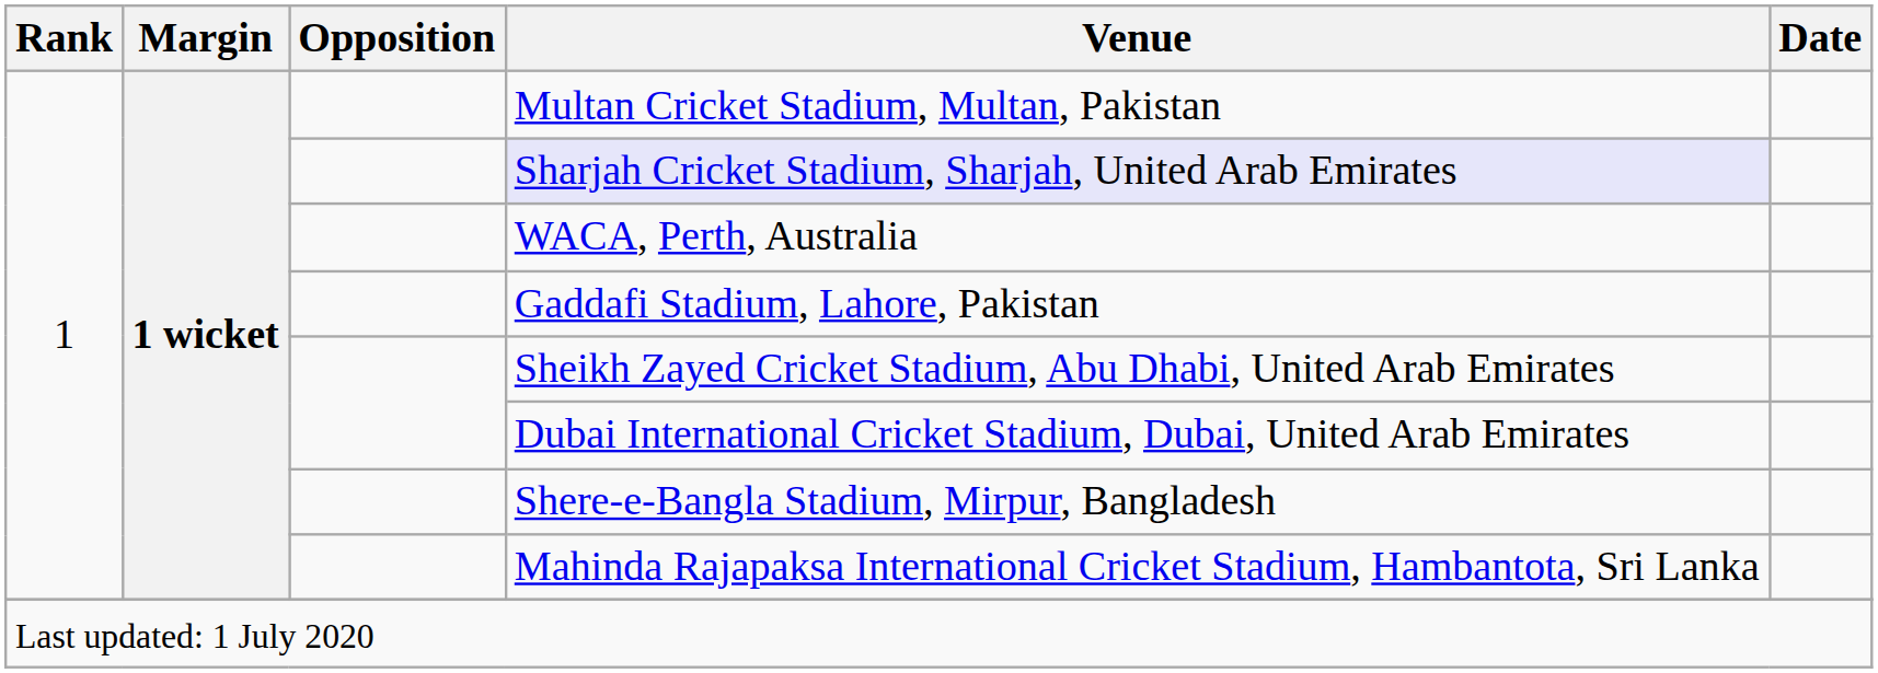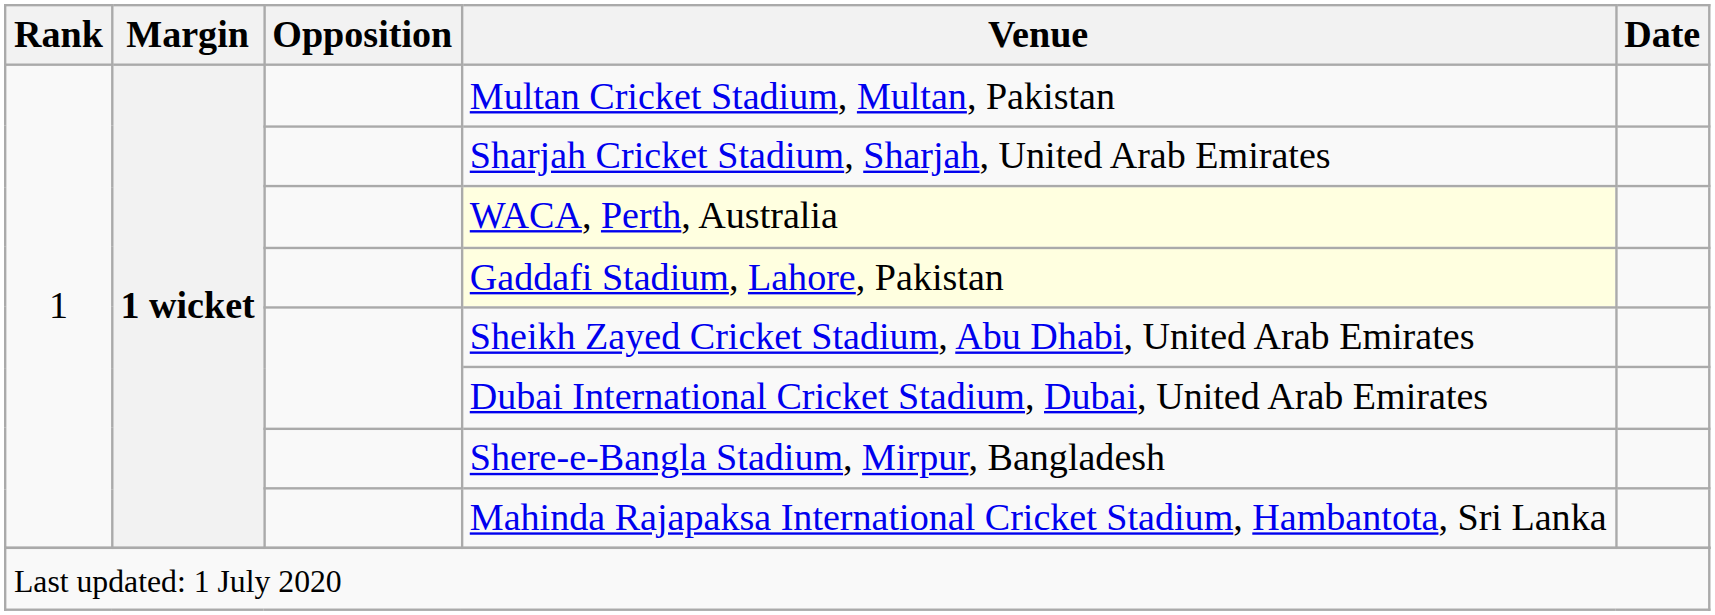 <table class="wikitable plainrowheaders sortable">
 <tr>
 <th scope=col>Rank</th>
 <th scope=col>Margin</th>
 <th scope=col>Opposition</th>
 <th scope=col>Venue</th>
 <th scope=col>Date</th>
 </tr>
 <tr>
 <td align=center rowspan=8>1</td>
 <th scope=row style=text-align:center; rowspan=8>1 wicket</th>
 <td></td>
 <td><a href='#'>Multan Cricket Stadium</a>, <a href='#'>Multan</a>, Pakistan</td>
 <td></td>
 </tr>
 <tr>
 <td></td>
-<td style="background: lavender;"><a href='#'>Sharjah Cricket Stadium</a>, <a href='#'>Sharjah</a>, United Arab Emirates</td>
+<td><a href='#'>Sharjah Cricket Stadium</a>, <a href='#'>Sharjah</a>, United Arab Emirates</td>
 <td></td>
 </tr>
 <tr>
 <td></td>
-<td><a href='#'>WACA</a>, <a href='#'>Perth</a>, Australia</td>
+<td style="background: lightyellow;"><a href='#'>WACA</a>, <a href='#'>Perth</a>, Australia</td>
 <td></td>
 </tr>
 <tr>
 <td></td>
-<td><a href='#'>Gaddafi Stadium</a>, <a href='#'>Lahore</a>, Pakistan</td>
+<td style="background: lightyellow;"><a href='#'>Gaddafi Stadium</a>, <a href='#'>Lahore</a>, Pakistan</td>
 <td> </td>
 </tr>
 <tr>
 <td rowspan=2></td>
 <td><a href='#'>Sheikh Zayed Cricket Stadium</a>, <a href='#'>Abu Dhabi</a>, United Arab Emirates</td>
 <td></td>
 </tr>
 <tr>
 <td><a href='#'>Dubai International Cricket Stadium</a>, <a href='#'>Dubai</a>, United Arab Emirates</td>
 <td></td>
 </tr>
 <tr>
 <td></td>
 <td><a href='#'>Shere-e-Bangla Stadium</a>, <a href='#'>Mirpur</a>, Bangladesh</td>
 <td></td>
 </tr>
 <tr>
 <td></td>
 <td><a href='#'>Mahinda Rajapaksa International Cricket Stadium</a>, <a href='#'>Hambantota</a>, Sri Lanka</td>
 <td></td>
 </tr>
 <tr>
 </tr>
 <tr class=sortbottom>
 <td colspan=6><small>Last updated: 1 July 2020</small></td>
 </tr>
 </table>
